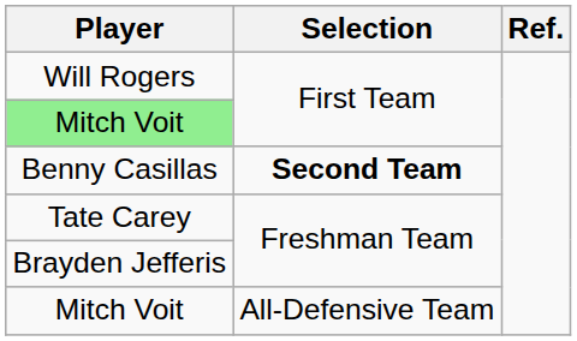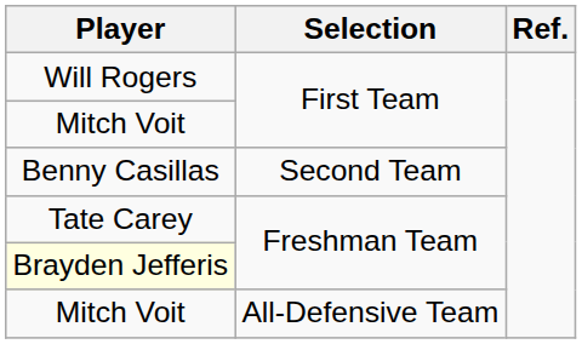 <table class="wikitable sortable sortable" style="text-align: center">
 <tr align=center>
 <th>Player</th>
 <th>Selection</th>
 <th>Ref.</th>
 </tr>
 <tr>
 <td>Will Rogers</td>
 <td rowspan="2">First Team</td>
 <td rowspan="6"></td>
 </tr>
 <tr>
-<td style="background: lightgreen;">Mitch Voit</td>
+<td>Mitch Voit</td>
 </tr>
 <tr>
 <td>Benny Casillas</td>
-<td><strong>Second Team</strong></td>
+<td>Second Team</td>
 </tr>
 <tr>
 <td>Tate Carey</td>
 <td rowspan="2">Freshman Team</td>
 </tr>
 <tr>
-<td>Brayden Jefferis</td>
+<td style="background: lightyellow;">Brayden Jefferis</td>
 </tr>
 <tr>
 <td>Mitch Voit</td>
 <td>All-Defensive Team</td>
 </tr>
 </table>
